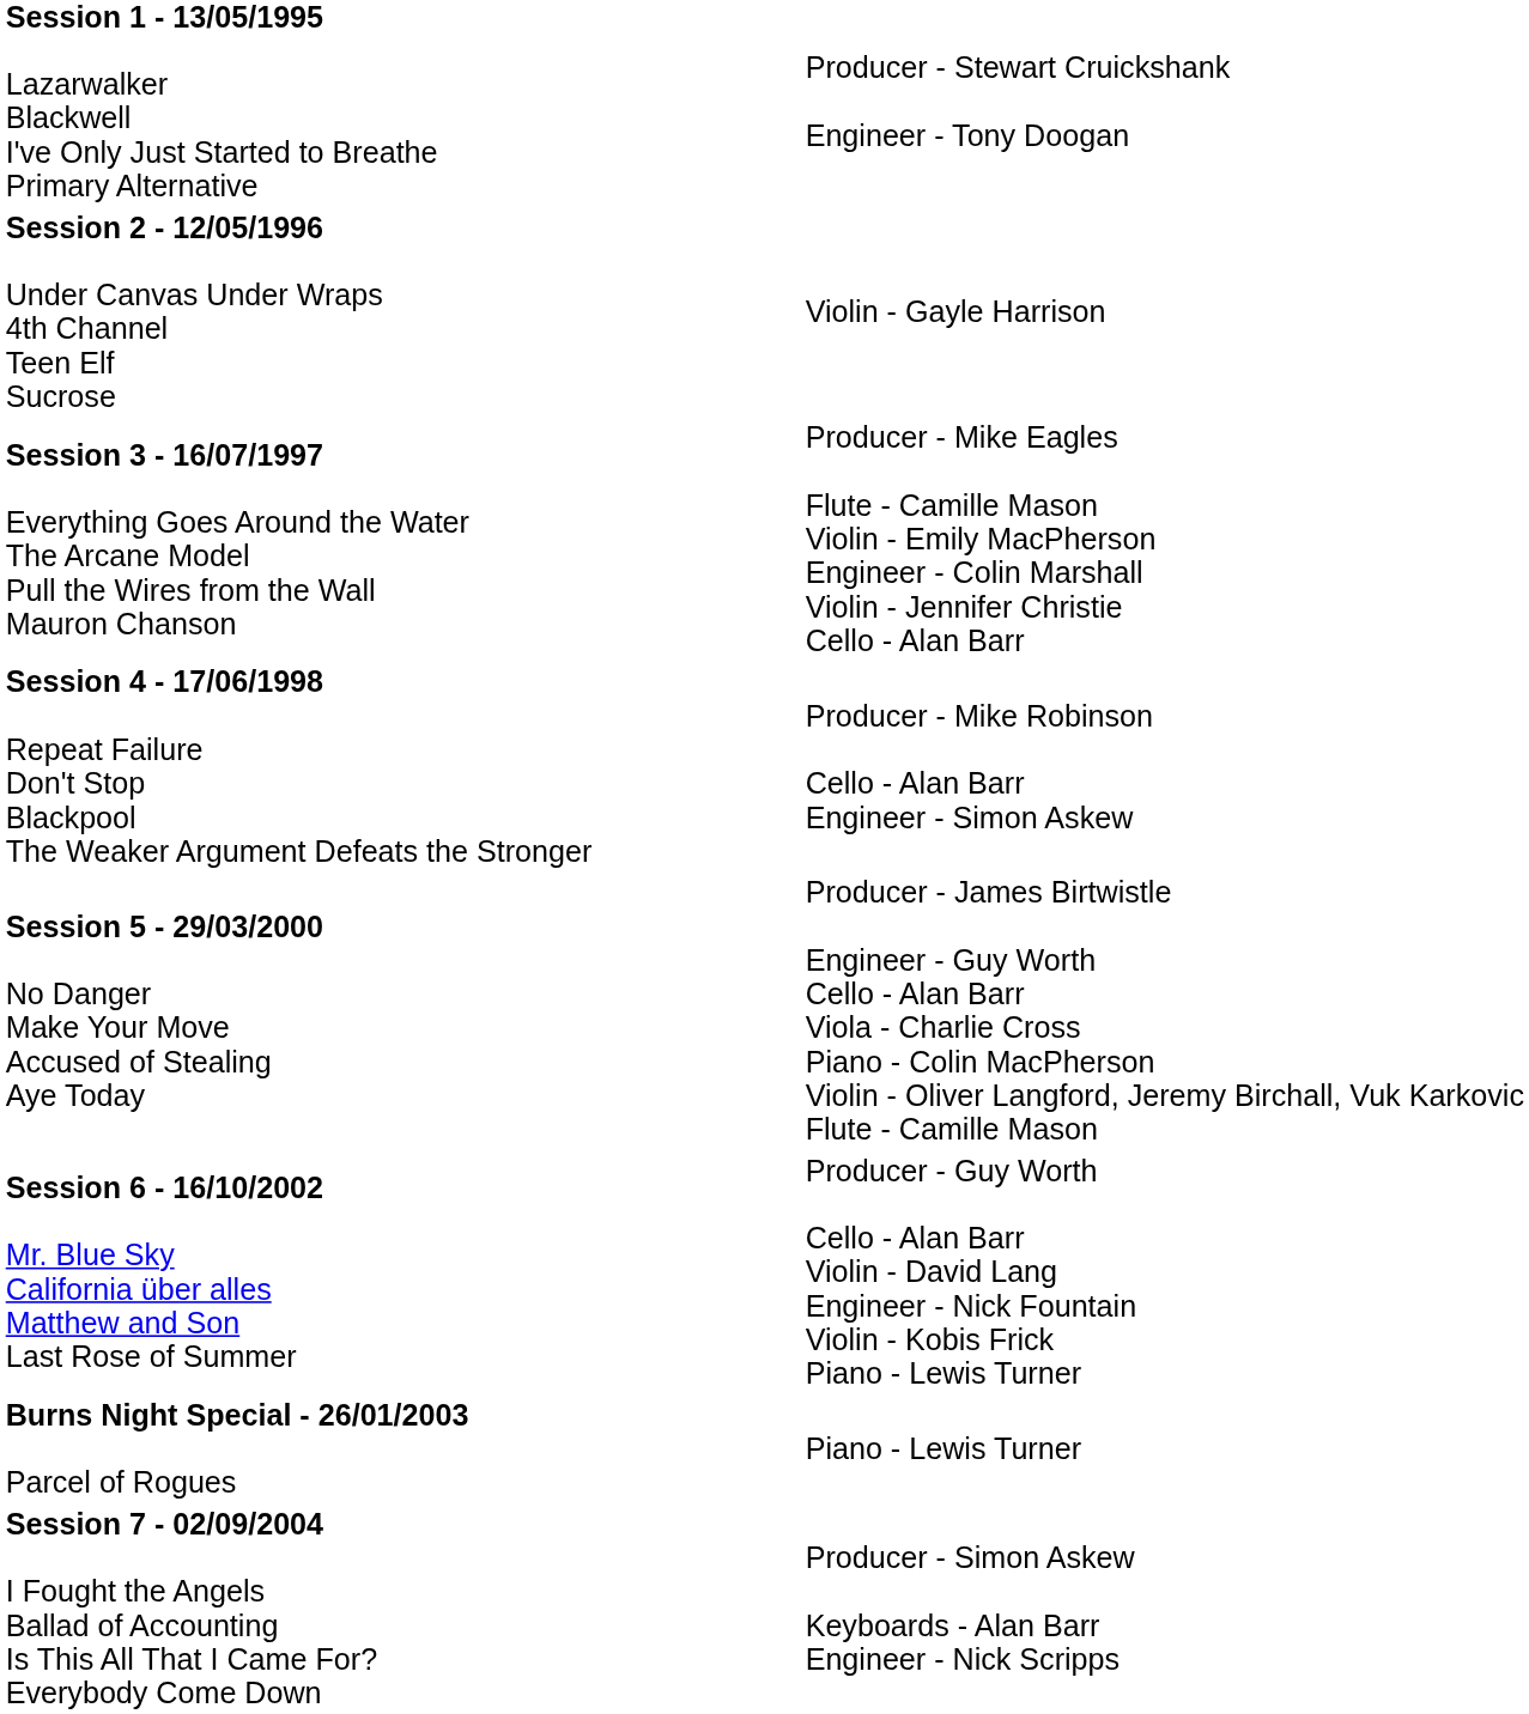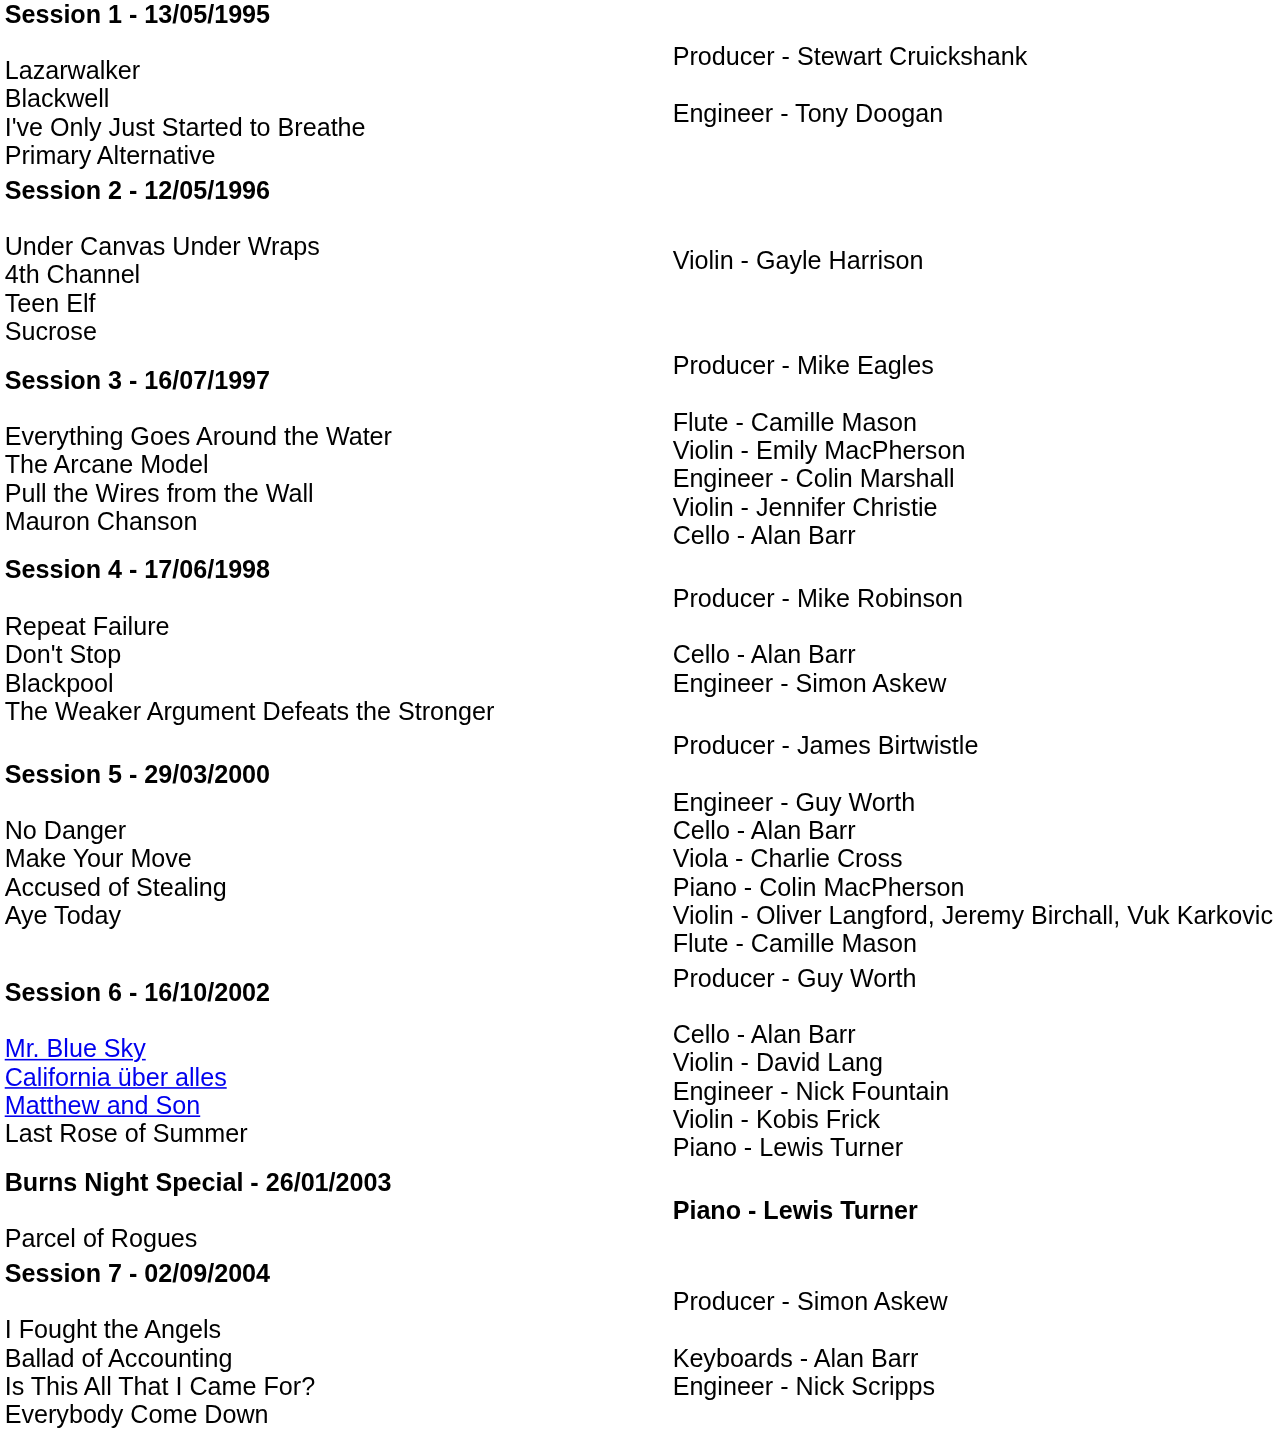 <table border="0" width="75%">
 <tr>
 <td><strong>Session 1 - 13/05/1995</strong><br><br>Lazarwalker<br> Blackwell<br> I've Only Just Started to Breathe<br> Primary Alternative</td>
 <td>Producer - Stewart Cruickshank<br><br>Engineer - Tony Doogan</td>
 </tr>
 <tr>
 <td><strong>Session 2 - 12/05/1996</strong><br><br>Under Canvas Under Wraps<br> 4th Channel<br> Teen Elf<br> Sucrose</td>
 <td>Violin - Gayle Harrison</td>
 </tr>
 <tr>
 <td><strong>Session 3 - 16/07/1997</strong><br><br>Everything Goes Around the Water<br> The Arcane Model<br> Pull the Wires from the Wall<br> Mauron Chanson</td>
 <td>Producer - Mike Eagles<br><br>Flute - Camille Mason<br> Violin - Emily MacPherson<br> Engineer - Colin Marshall<br> Violin - Jennifer Christie<br> Cello - Alan Barr</td>
 </tr>
 <tr>
 <td><strong>Session 4 - 17/06/1998</strong><br><br>Repeat Failure<br> Don't Stop<br> Blackpool<br> The Weaker Argument Defeats the Stronger</td>
 <td>Producer - Mike Robinson<br><br>Cello - Alan Barr<br> Engineer - Simon Askew</td>
 </tr>
 <tr>
 <td><strong>Session 5 - 29/03/2000</strong><br><br>No Danger<br> Make Your Move<br> Accused of Stealing<br> Aye Today</td>
 <td>Producer - James Birtwistle<br><br>Engineer - Guy Worth<br> Cello - Alan Barr<br> Viola - Charlie Cross<br> Piano - Colin MacPherson<br> Violin - Oliver Langford, Jeremy Birchall, Vuk Karkovic<br> Flute - Camille Mason</td>
 </tr>
 <tr>
 <td><strong>Session 6 - 16/10/2002</strong><br><br><a href='#'>Mr. Blue Sky</a><br> <a href='#'>California über alles</a><br> <a href='#'>Matthew and Son</a><br> Last Rose of Summer</td>
 <td>Producer - Guy Worth<br><br>Cello - Alan Barr<br> Violin - David Lang<br> Engineer - Nick Fountain<br> Violin - Kobis Frick<br> Piano - Lewis Turner</td>
 </tr>
 <tr>
 <td><strong>Burns Night Special - 26/01/2003</strong><br><br>Parcel of Rogues</td>
-<td>Piano - Lewis Turner</td>
+<td><strong>Piano - Lewis Turner</strong></td>
 </tr>
 <tr>
 <td><strong>Session 7 - 02/09/2004</strong><br><br>I Fought the Angels<br> Ballad of Accounting<br> Is This All That I Came For?<br> Everybody Come Down</td>
 <td>Producer - Simon Askew<br><br>Keyboards - Alan Barr<br> Engineer - Nick Scripps</td>
 </tr>
 </table>
